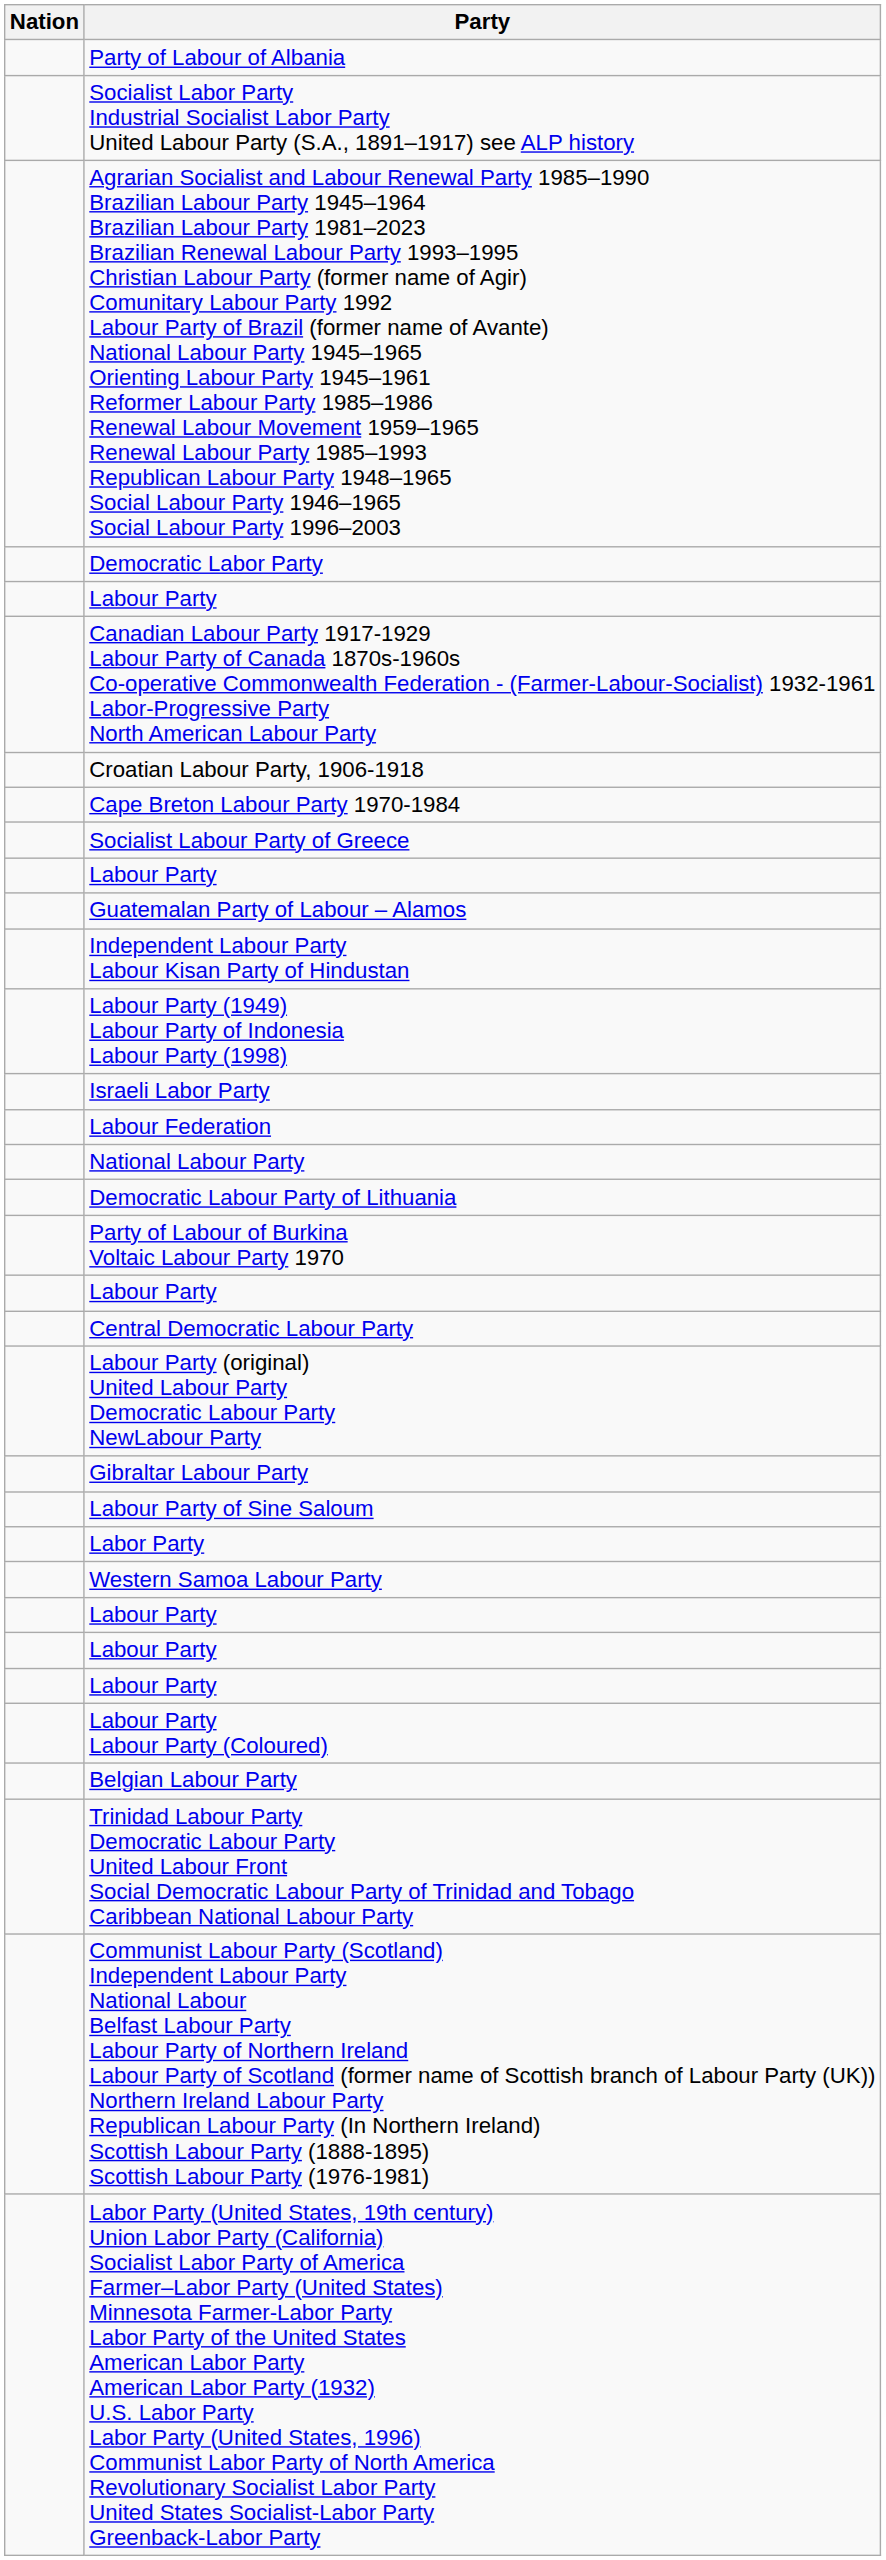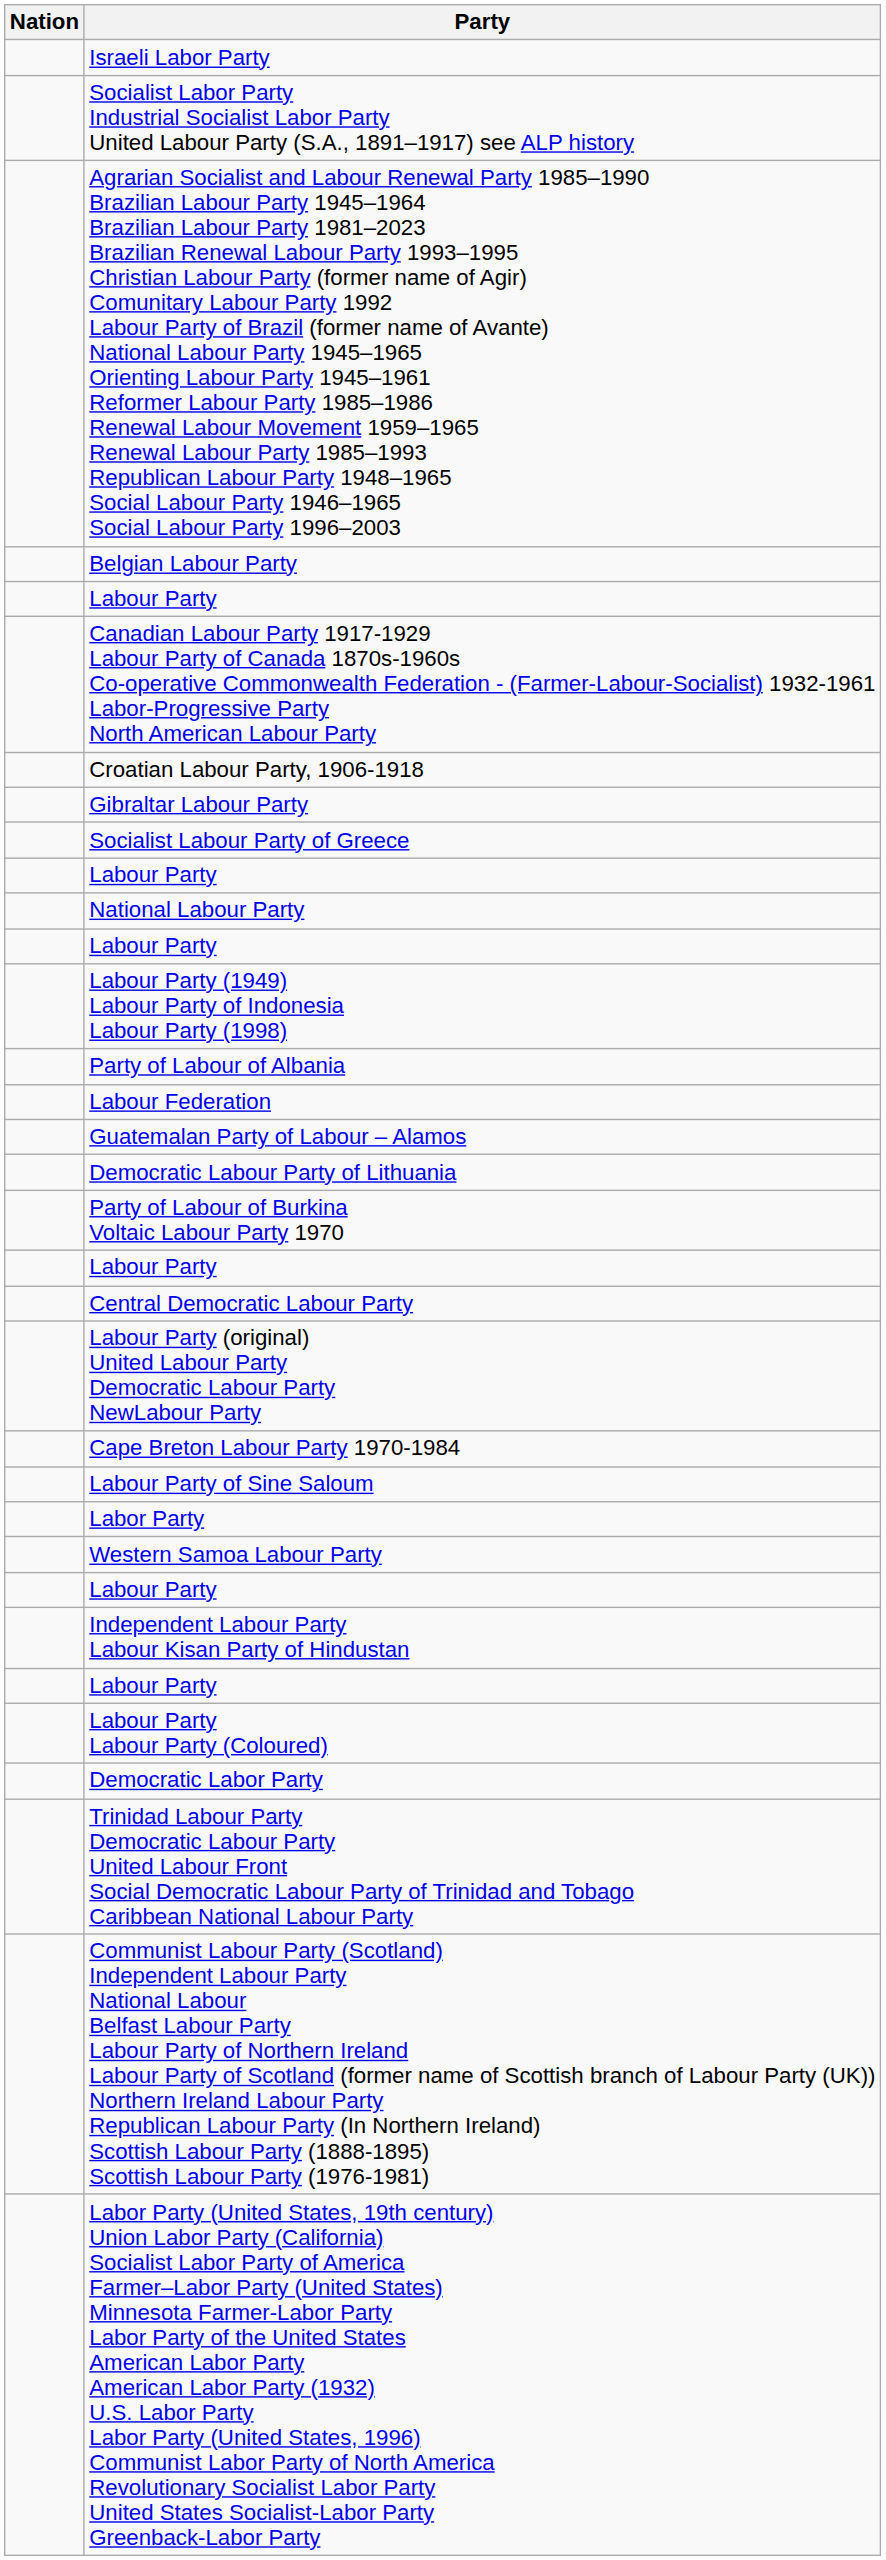 <table class="wikitable">
 <tr>
 <th>Nation</th>
 <th>Party</th>
 </tr>
 <tr>
 <td></td>
-<td><a href='#'>Party of Labour of Albania</a></td>
+<td><a href='#'>Israeli Labor Party</a></td>
 </tr>
 <tr>
 <td></td>
 <td><a href='#'>Socialist Labor Party</a><br><a href='#'>Industrial Socialist Labor Party</a><br>United Labour Party (S.A., 1891–1917) see <a href='#'>ALP history</a></td>
 </tr>
 <tr>
 <td></td>
 <td><a href='#'>Agrarian Socialist and Labour Renewal Party</a> 1985–1990<br><a href='#'>Brazilian Labour Party</a> 1945–1964<br><a href='#'>Brazilian Labour Party</a> 1981–2023<br><a href='#'>Brazilian Renewal Labour Party</a> 1993–1995<br><a href='#'>Christian Labour Party</a> (former name of Agir)<br><a href='#'>Comunitary Labour Party</a> 1992<br><a href='#'>Labour Party of Brazil</a> (former name of Avante)<br><a href='#'>National Labour Party</a> 1945–1965<br><a href='#'>Orienting Labour Party</a> 1945–1961<br><a href='#'>Reformer Labour Party</a> 1985–1986<br><a href='#'>Renewal Labour Movement</a> 1959–1965<br><a href='#'>Renewal Labour Party</a> 1985–1993<br><a href='#'>Republican Labour Party</a> 1948–1965<br><a href='#'>Social Labour Party</a> 1946–1965<br><a href='#'>Social Labour Party</a> 1996–2003</td>
 </tr>
 <tr>
 <td></td>
-<td><a href='#'>Democratic Labor Party</a></td>
+<td><a href='#'>Belgian Labour Party</a></td>
 </tr>
 <tr>
 <td></td>
 <td><a href='#'>Labour Party</a></td>
 </tr>
 <tr>
 <td></td>
 <td><a href='#'>Canadian Labour Party</a> 1917-1929<br><a href='#'>Labour Party of Canada</a> 1870s-1960s<br><a href='#'>Co-operative Commonwealth Federation - (Farmer-Labour-Socialist)</a> 1932-1961<br><a href='#'>Labor-Progressive Party</a><br><a href='#'>North American Labour Party</a></td>
 </tr>
 <tr>
 <td></td>
 <td>Croatian Labour Party, 1906-1918</td>
 </tr>
 <tr>
 <td></td>
-<td><a href='#'>Cape Breton Labour Party</a> 1970-1984</td>
+<td><a href='#'>Gibraltar Labour Party</a></td>
 </tr>
 <tr>
 <td></td>
 <td><a href='#'>Socialist Labour Party of Greece</a></td>
 </tr>
 <tr>
 <td></td>
 <td><a href='#'>Labour Party</a></td>
 </tr>
 <tr>
 <td></td>
-<td><a href='#'>Guatemalan Party of Labour – Alamos</a></td>
+<td><a href='#'>National Labour Party</a></td>
 </tr>
 <tr>
 <td></td>
-<td><a href='#'>Independent Labour Party</a><br><a href='#'>Labour Kisan Party of Hindustan</a></td>
+<td><a href='#'>Labour Party</a></td>
 </tr>
 <tr>
 <td></td>
 <td><a href='#'>Labour Party (1949)</a><br><a href='#'>Labour Party of Indonesia</a><br><a href='#'>Labour Party (1998)</a></td>
 </tr>
 <tr>
 <td></td>
-<td><a href='#'>Israeli Labor Party</a></td>
+<td><a href='#'>Party of Labour of Albania</a></td>
 </tr>
 <tr>
 <td></td>
 <td><a href='#'>Labour Federation</a></td>
 </tr>
 <tr>
 <td></td>
-<td><a href='#'>National Labour Party</a></td>
+<td><a href='#'>Guatemalan Party of Labour – Alamos</a></td>
 </tr>
 <tr>
 <td></td>
 <td><a href='#'>Democratic Labour Party of Lithuania</a></td>
 </tr>
 <tr>
 <td></td>
 <td><a href='#'>Party of Labour of Burkina</a><br><a href='#'>Voltaic Labour Party</a> 1970</td>
 </tr>
 <tr>
 <td></td>
 <td><a href='#'>Labour Party</a></td>
 </tr>
 <tr>
 <td></td>
 <td><a href='#'>Central Democratic Labour Party</a></td>
 </tr>
 <tr>
 <td></td>
 <td><a href='#'>Labour Party</a> (original)<br><a href='#'>United Labour Party</a><br><a href='#'>Democratic Labour Party</a><br><a href='#'>NewLabour Party</a></td>
 </tr>
 <tr>
 <td></td>
-<td><a href='#'>Gibraltar Labour Party</a></td>
+<td><a href='#'>Cape Breton Labour Party</a> 1970-1984</td>
 </tr>
 <tr>
 <td></td>
 <td><a href='#'>Labour Party of Sine Saloum</a></td>
 </tr>
 <tr>
 <td></td>
 <td><a href='#'>Labor Party</a></td>
 </tr>
 <tr>
 <td></td>
 <td><a href='#'>Western Samoa Labour Party</a></td>
 </tr>
 <tr>
 <td></td>
 <td><a href='#'>Labour Party</a></td>
 </tr>
 <tr>
 <td></td>
-<td><a href='#'>Labour Party</a></td>
+<td><a href='#'>Independent Labour Party</a><br><a href='#'>Labour Kisan Party of Hindustan</a></td>
 </tr>
 <tr>
 <td></td>
 <td><a href='#'>Labour Party</a></td>
 </tr>
 <tr>
 <td></td>
 <td><a href='#'>Labour Party</a><br><a href='#'>Labour Party (Coloured)</a></td>
 </tr>
 <tr>
 <td></td>
-<td><a href='#'>Belgian Labour Party</a></td>
+<td><a href='#'>Democratic Labor Party</a></td>
 </tr>
 <tr>
 <td></td>
 <td><a href='#'>Trinidad Labour Party</a><br><a href='#'>Democratic Labour Party</a><br><a href='#'>United Labour Front</a><br><a href='#'>Social Democratic Labour Party of Trinidad and Tobago</a><br><a href='#'>Caribbean National Labour Party</a></td>
 </tr>
 <tr>
 <td></td>
 <td><a href='#'>Communist Labour Party (Scotland)</a><br><a href='#'>Independent Labour Party</a><br><a href='#'>National Labour</a><br><a href='#'>Belfast Labour Party</a><br><a href='#'>Labour Party of Northern Ireland</a><br><a href='#'>Labour Party of Scotland</a> (former name of Scottish branch of Labour Party (UK))<br><a href='#'>Northern Ireland Labour Party</a><br><a href='#'>Republican Labour Party</a> (In Northern Ireland)<br><a href='#'>Scottish Labour Party</a> (1888-1895)<br><a href='#'>Scottish Labour Party</a> (1976-1981)</td>
 </tr>
 <tr>
 <td></td>
 <td><a href='#'>Labor Party (United States, 19th century)</a><br><a href='#'>Union Labor Party (California)</a><br><a href='#'>Socialist Labor Party of America</a><br><a href='#'>Farmer–Labor Party (United States)</a><br><a href='#'>Minnesota Farmer-Labor Party</a><br><a href='#'>Labor Party of the United States</a><br><a href='#'>American Labor Party</a><br><a href='#'>American Labor Party (1932)</a><br><a href='#'>U.S. Labor Party</a><br><a href='#'>Labor Party (United States, 1996)</a><br><a href='#'>Communist Labor Party of North America</a><br><a href='#'>Revolutionary Socialist Labor Party</a><br><a href='#'>United States Socialist-Labor Party</a><br><a href='#'>Greenback-Labor Party</a></td>
 </tr>
 </table>
